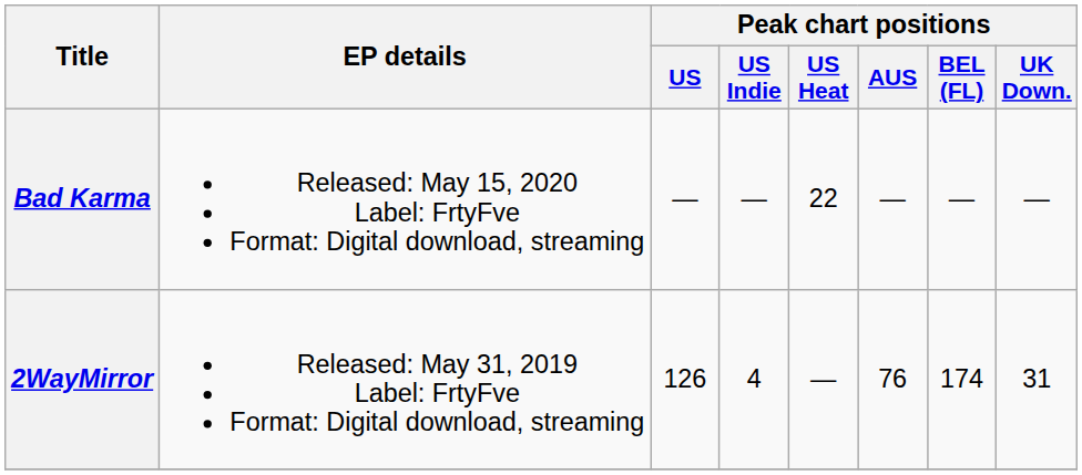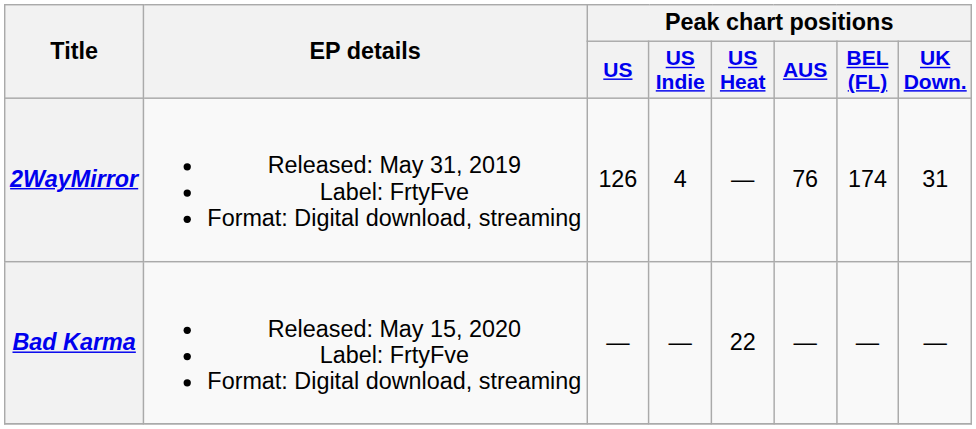 <table class="wikitable plainrowheaders" style="text-align:center;">
 <tr>
 <th scope="col" rowspan="2">Title</th>
 <th scope="col" rowspan="2">EP details</th>
 <th colspan="6" scope="col">Peak chart positions</th>
 </tr>
 <tr>
 <th scope="col" style="width:2.5em;font-size:90%;"><a href='#'>US</a><br></th>
 <th scope="col" style="width:2.5em;font-size:90%;"><a href='#'>US<br>Indie</a><br></th>
 <th scope="col" style="width:2.5em;font-size:90%;"><a href='#'>US<br>Heat</a><br></th>
 <th scope="col" style="width:2.5em;font-size:90%;"><a href='#'>AUS</a><br></th>
 <th scope="col" style="width:2.5em;font-size:90%;"><a href='#'>BEL<br>(FL)</a><br></th>
 <th scope="col" style="width:2.5em;font-size:90%;"><a href='#'>UK<br>Down.</a><br></th>
 </tr>
 <tr>
+<th scope="row"><em><a href='#'>2WayMirror</a></em></th>
+<td><br><ul><li>Released: May 31, 2019</li><li>Label: FrtyFve</li><li>Format: Digital download, streaming</li></ul></td>
+<td>126</td>
+<td>4</td>
+<td>—</td>
+<td>76</td>
+<td>174</td>
+<td>31</td>
+</tr>
+<tr>
 <th scope="row"><em><a href='#'>Bad Karma</a></em></th>
 <td><br><ul><li>Released: May 15, 2020</li><li>Label: FrtyFve</li><li>Format: Digital download, streaming</li></ul></td>
 <td>—</td>
 <td>—</td>
 <td>22</td>
 <td>—</td>
 <td>—</td>
 <td>—</td>
 </tr>
 <tr>
-<th scope="row"><em><a href='#'>2WayMirror</a></em></th>
-<td><br><ul><li>Released: May 31, 2019</li><li>Label: FrtyFve</li><li>Format: Digital download, streaming</li></ul></td>
-<td>126</td>
-<td>4</td>
-<td>—</td>
-<td>76</td>
-<td>174</td>
-<td>31</td>
-</tr>
-<tr>
 </tr>
 </table>
